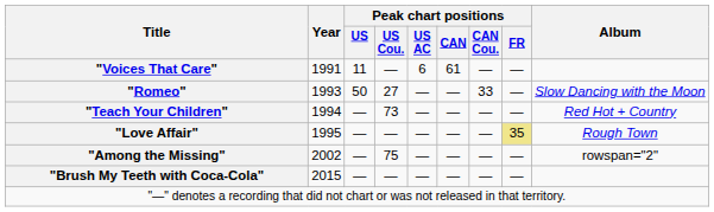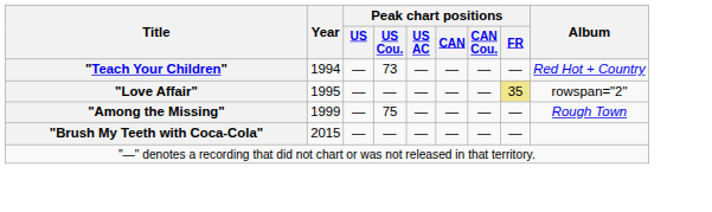 <table class="wikitable plainrowheaders" style="text-align:center;" border="1">
 <tr>
 <th scope="col" rowspan="2" style="width:22em;">Title</th>
 <th scope="col" rowspan="2">Year</th>
 <th scope="col" colspan="6">Peak chart positions</th>
 <th scope="col" rowspan="2">Album</th>
 </tr>
 <tr>
 <th scope="col" style="width:2em;font-size:90%;"><a href='#'>US</a><br><br></th>
 <th scope="col" style="width:2em;font-size:90%;"><a href='#'>US<br>Cou.</a><br></th>
 <th scope="col" style="width:2em;font-size:90%;"><a href='#'>US<br>AC</a><br></th>
 <th scope="col" style="width:2em;font-size:90%;"><a href='#'>CAN</a><br></th>
 <th scope="col" style="width:2em;font-size:90%;"><a href='#'>CAN<br>Cou.</a><br></th>
 <th scope="col" style="width:2em;font-size:90%;"><a href='#'>FR</a><br></th>
-</tr>
-<tr>
-<th scope="row">"<a href='#'>Voices That Care</a>"<br></th>
-<td>1991</td>
-<td>11</td>
-<td>—</td>
-<td>6</td>
-<td>61</td>
-<td>—</td>
-<td>—</td>
-<td></td>
-</tr>
-<tr>
-<th scope="row">"<a href='#'>Romeo</a>"<br></th>
-<td>1993</td>
-<td>50</td>
-<td>27</td>
-<td>—</td>
-<td>—</td>
-<td>33</td>
-<td>—</td>
-<td><em><a href='#'>Slow Dancing with the Moon</a></em></td>
 </tr>
 <tr>
 <th scope="row">"<a href='#'>Teach Your Children</a>"<br></th>
 <td>1994</td>
 <td>—</td>
 <td>73</td>
 <td>—</td>
 <td>—</td>
 <td>—</td>
 <td>—</td>
 <td><em><a href='#'>Red Hot + Country</a></em></td>
 </tr>
 <tr>
 <th scope="row">"Love Affair"<br></th>
 <td>1995</td>
 <td>—</td>
 <td>—</td>
 <td>—</td>
 <td>—</td>
 <td>—</td>
 <td style="background: khaki;">35</td>
-<td><em><a href='#'>Rough Town</a></em></td>
+<td>rowspan="2" </td>
 </tr>
 <tr>
 <th scope="row">"Among the Missing"<br></th>
-<td>2002</td>
+<td>1999</td>
 <td>—</td>
 <td>75</td>
 <td>—</td>
 <td>—</td>
 <td>—</td>
 <td>—</td>
-<td>rowspan="2" </td>
+<td><em><a href='#'>Rough Town</a></em></td>
 </tr>
 <tr>
 <th scope="row">"Brush My Teeth with Coca-Cola"<br></th>
 <td>2015</td>
 <td>—</td>
 <td>—</td>
 <td>—</td>
 <td>—</td>
 <td>—</td>
 <td>—</td>
 </tr>
 <tr>
 <td colspan="9" style="font-size:90%">"—" denotes a recording that did not chart or was not released in that territory.</td>
 </tr>
 </table>
